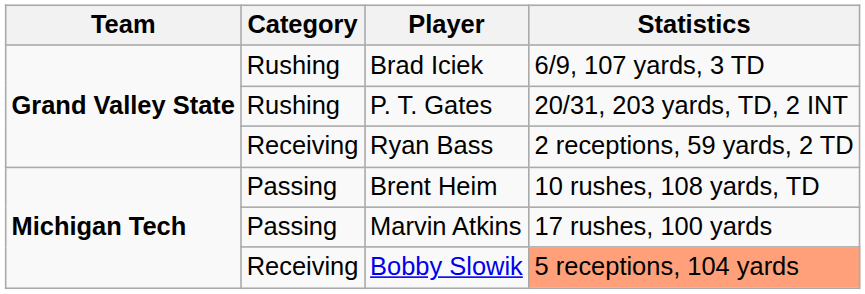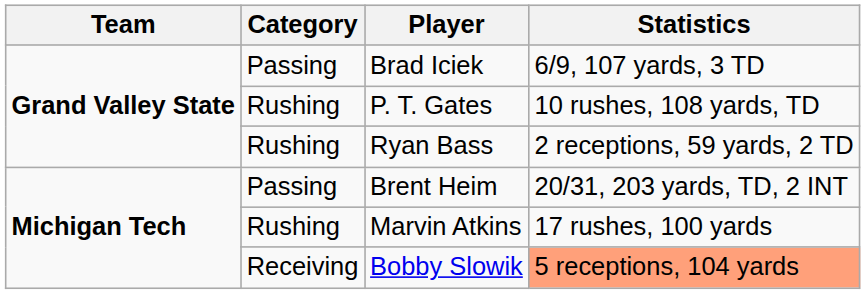 <table class="wikitable" style="float: right;">
 <tr>
 <th>Team</th>
 <th>Category</th>
 <th>Player</th>
 <th>Statistics</th>
 </tr>
 <tr>
 <td rowspan=3><strong>Grand Valley State</strong></td>
-<td>Rushing</td>
+<td>Passing</td>
 <td>Brad Iciek</td>
 <td>6/9, 107 yards, 3 TD</td>
 </tr>
 <tr>
 <td>Rushing</td>
 <td>P. T. Gates</td>
-<td>20/31, 203 yards, TD, 2 INT</td>
+<td>10 rushes, 108 yards, TD</td>
 </tr>
 <tr>
-<td>Receiving</td>
+<td>Rushing</td>
 <td>Ryan Bass</td>
 <td>2 receptions, 59 yards, 2 TD</td>
 </tr>
 <tr>
 <td rowspan=3><strong>Michigan Tech</strong></td>
 <td>Passing</td>
 <td>Brent Heim</td>
-<td>10 rushes, 108 yards, TD</td>
+<td>20/31, 203 yards, TD, 2 INT</td>
 </tr>
 <tr>
-<td>Passing</td>
+<td>Rushing</td>
 <td>Marvin Atkins</td>
 <td>17 rushes, 100 yards</td>
 </tr>
 <tr>
 <td>Receiving</td>
 <td><a href='#'>Bobby Slowik</a></td>
 <td style="background: lightsalmon;">5 receptions, 104 yards</td>
 </tr>
 </table>
